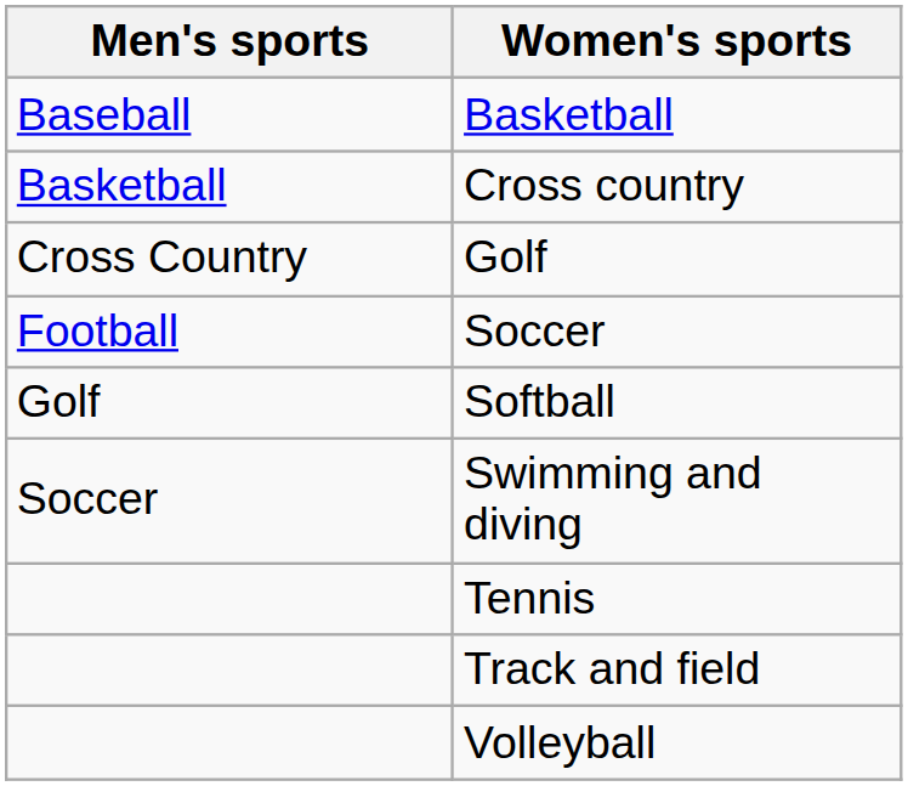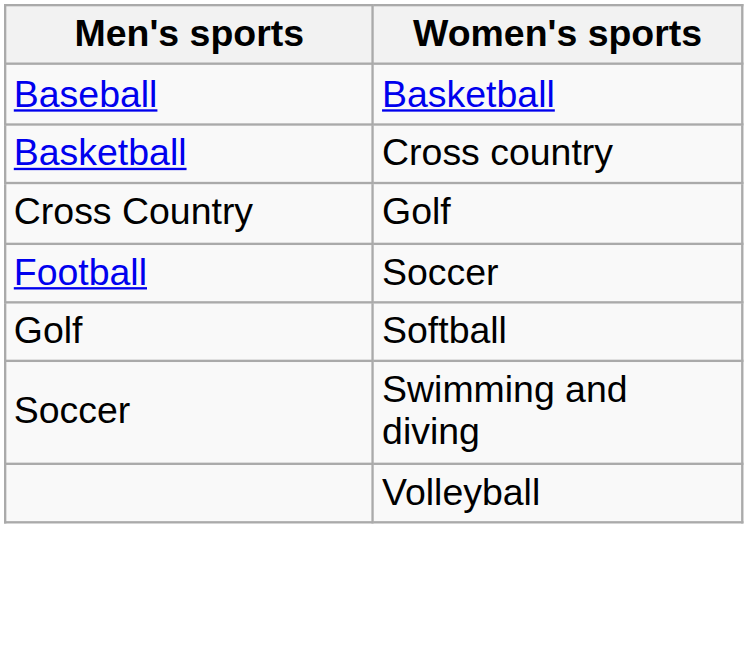 <table class="wikitable"; style= "text-align: ">
 <tr>
 <th width=150px>Men's sports</th>
 <th width=150px>Women's sports</th>
 </tr>
 <tr>
 <td><a href='#'>Baseball</a></td>
 <td><a href='#'>Basketball</a></td>
 </tr>
 <tr>
 <td><a href='#'>Basketball</a></td>
 <td>Cross country</td>
 </tr>
 <tr>
 <td>Cross Country</td>
 <td>Golf</td>
 </tr>
 <tr>
 <td><a href='#'>Football</a></td>
 <td>Soccer</td>
 </tr>
 <tr>
 <td>Golf</td>
 <td>Softball</td>
 </tr>
 <tr>
 <td>Soccer</td>
 <td>Swimming and diving</td>
 </tr>
 <tr>
 <td></td>
-<td>Tennis</td>
-</tr>
-<tr>
-<td></td>
-<td>Track and field</td>
-</tr>
-<tr>
-<td></td>
 <td>Volleyball</td>
 </tr>
 </table>
